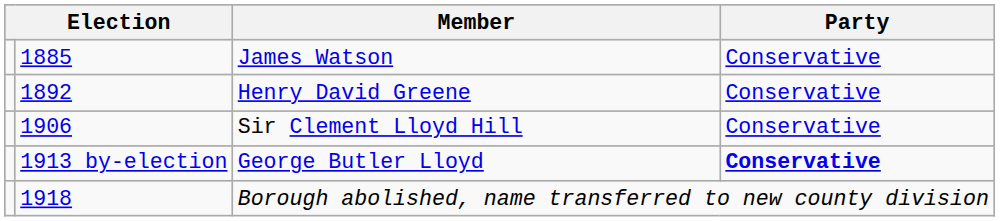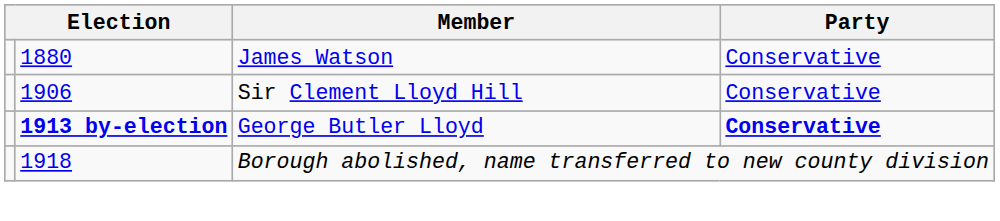 <table class="wikitable">
 <tr>
 <th colspan="2">Election</th>
 <th>Member</th>
 <th>Party</th>
 </tr>
 <tr>
 <td style="color:inherit;background-color: "></td>
-<td><a href='#'>1885</a></td>
+<td><a href='#'>1880</a></td>
 <td><a href='#'>James Watson</a></td>
-<td><a href='#'>Conservative</a></td>
-</tr>
-<tr>
-<td style="color:inherit;background-color: "></td>
-<td><a href='#'>1892</a></td>
-<td><a href='#'>Henry David Greene</a></td>
 <td><a href='#'>Conservative</a></td>
 </tr>
 <tr>
 <td style="color:inherit;background-color: "></td>
 <td><a href='#'>1906</a></td>
 <td>Sir <a href='#'>Clement Lloyd Hill</a></td>
 <td><a href='#'>Conservative</a></td>
 </tr>
 <tr>
 <td style="color:inherit;background-color: "></td>
-<td><a href='#'>1913 by-election</a></td>
+<td><strong><a href='#'>1913 by-election</a></strong></td>
 <td><a href='#'>George Butler Lloyd</a></td>
 <td><strong><a href='#'>Conservative</a></strong></td>
 </tr>
 <tr>
 <td></td>
 <td><a href='#'>1918</a></td>
 <td colspan="2"><em>Borough abolished, name transferred to new county division</em></td>
 </tr>
 </table>
